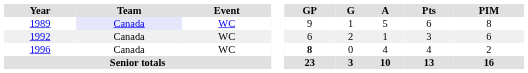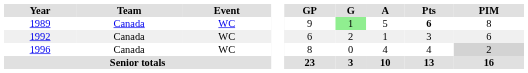 <table border="0" cellpadding="1" cellspacing="0" style="text-align:center; width:50em">
 <tr ALIGN="center" bgcolor="#e0e0e0">
 <th>Year</th>
 <th>Team</th>
 <th>Event</th>
 <th rowspan="99" bgcolor="#ffffff"> </th>
 <th>GP</th>
 <th>G</th>
 <th>A</th>
 <th>Pts</th>
 <th>PIM</th>
 </tr>
 <tr>
 <td><a href='#'>1989</a></td>
-<td style="background: lavender;"><a href='#'>Canada</a></td>
+<td><a href='#'>Canada</a></td>
 <td><a href='#'>WC</a></td>
 <td>9</td>
-<td>1</td>
+<td style="background: lightgreen;">1</td>
 <td>5</td>
-<td>6</td>
+<td><strong>6</strong></td>
 <td>8</td>
 </tr>
 <tr bgcolor="#f0f0f0">
 <td><a href='#'>1992</a></td>
 <td>Canada</td>
 <td>WC</td>
 <td>6</td>
 <td>2</td>
 <td>1</td>
 <td>3</td>
 <td>6</td>
 </tr>
 <tr>
 <td><a href='#'>1996</a></td>
 <td>Canada</td>
 <td>WC</td>
-<td><strong>8</strong></td>
+<td>8</td>
 <td>0</td>
 <td>4</td>
 <td>4</td>
-<td>2</td>
+<td style="background: lightgrey;">2</td>
 </tr>
 <tr bgcolor="#e0e0e0">
 <th colspan=3>Senior totals</th>
 <th>23</th>
 <th>3</th>
 <th>10</th>
 <th>13</th>
 <th>16</th>
 </tr>
 </table>
